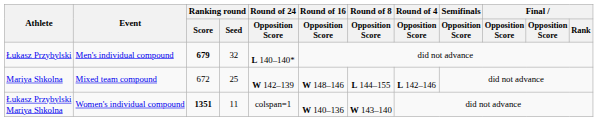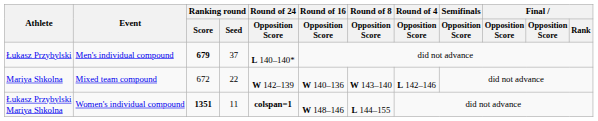 <table class="wikitable" style="font-size:90%">
 <tr>
 <th rowspan=2>Athlete</th>
 <th rowspan=2>Event</th>
 <th colspan="2">Ranking round</th>
 <th>Round of 24</th>
 <th>Round of 16</th>
 <th>Round of 8</th>
 <th>Round of 4</th>
 <th>Semifinals</th>
 <th colspan="3">Final / </th>
 </tr>
 <tr style="font-size:95%">
 <th>Score</th>
 <th>Seed</th>
 <th>Opposition<br>Score</th>
 <th>Opposition<br>Score</th>
 <th>Opposition<br>Score</th>
 <th>Opposition<br>Score</th>
 <th>Opposition<br>Score</th>
 <th>Opposition<br>Score</th>
 <th>Opposition<br>Score</th>
 <th>Rank</th>
 </tr>
 <tr align=center>
 <td align=left><a href='#'>Łukasz Przybylski</a></td>
 <td align=left><a href='#'>Men's individual compound</a></td>
 <td><strong>679</strong></td>
-<td>32</td>
+<td>37</td>
 <td><br><strong>L</strong> 140–140*</td>
 <td colspan=7>did not advance</td>
 </tr>
 <tr align=center>
 <td align=left><a href='#'>Mariya Shkolna</a></td>
 <td align=left><a href='#'>Mixed team compound</a></td>
 <td>672</td>
-<td>25</td>
+<td>22</td>
 <td><br><strong>W</strong> 142–139</td>
-<td><br><strong>W</strong> 148–146</td>
-<td><br><strong>L</strong> 144–155</td>
+<td><br><strong>W</strong> 140–136</td>
+<td><br><strong>W</strong> 143–140</td>
 <td><br><strong>L</strong> 142–146</td>
 <td colspan=4>did not advance</td>
 </tr>
 <tr align=center>
 <td align=left><a href='#'>Łukasz Przybylski</a><br><a href='#'>Mariya Shkolna</a></td>
 <td align=left><a href='#'>Women's individual compound</a></td>
 <td><strong>1351</strong></td>
 <td>11</td>
-<td>colspan=1 </td>
-<td><br><strong>W</strong> 140–136</td>
-<td><br><strong>W</strong> 143–140</td>
+<td><strong>colspan=1 </strong></td>
+<td><br><strong>W</strong> 148–146</td>
+<td><br><strong>L</strong> 144–155</td>
 <td colspan=5>did not advance</td>
 </tr>
 </table>
